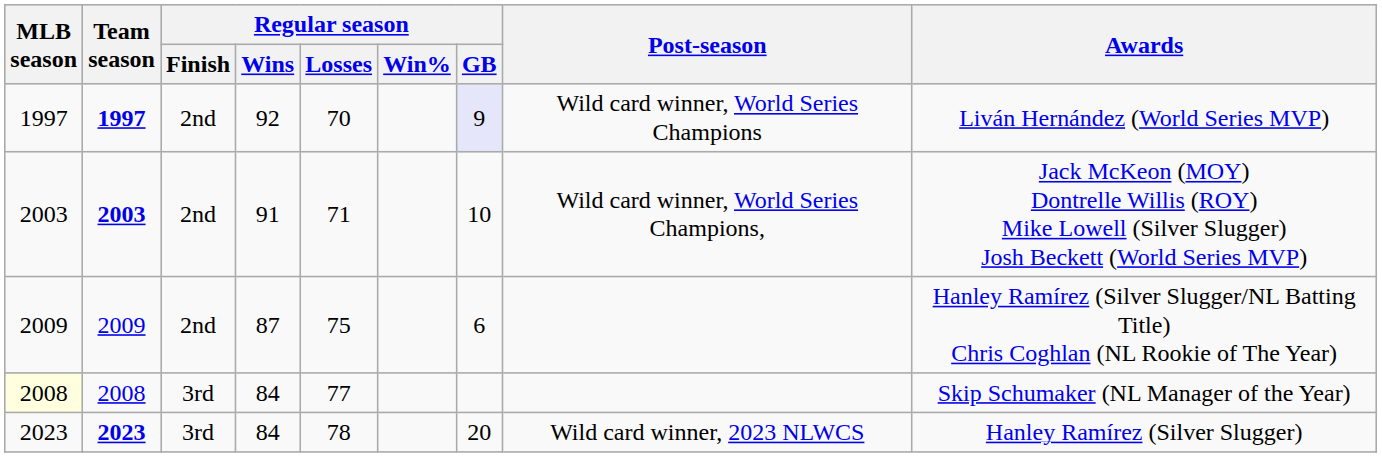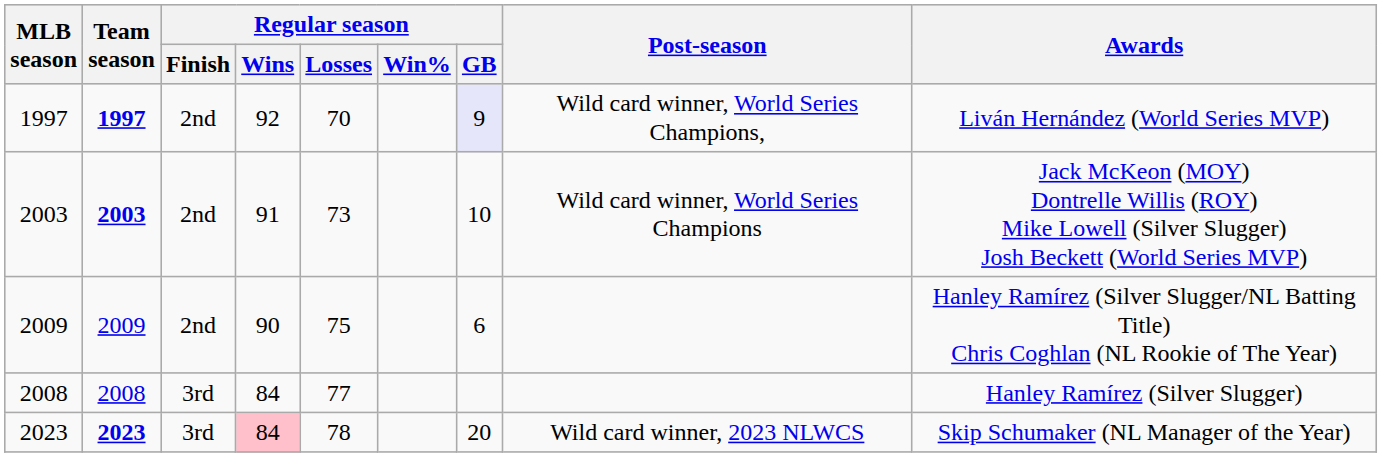 <table class="wikitable" style="text-align:center; font-size:95%">
 <tr>
 <th rowspan=2>MLB<br>season</th>
 <th rowspan=2>Team<br>season</th>
 <th colspan=5><a href='#'>Regular season</a></th>
 <th rowspan=2><a href='#'>Post-season</a></th>
 <th rowspan=2><a href='#'>Awards</a></th>
 </tr>
 <tr>
 <th>Finish</th>
 <th><a href='#'>Wins</a></th>
 <th><a href='#'>Losses</a></th>
 <th><a href='#'>Win%</a></th>
 <th><a href='#'>GB</a></th>
 </tr>
 <tr>
 <td>1997</td>
 <td><strong><a href='#'>1997</a></strong></td>
 <td>2nd</td>
 <td>92</td>
 <td>70</td>
 <td></td>
 <td style="background: lavender;">9</td>
-<td>Wild card winner, <a href='#'>World Series</a> Champions</td>
+<td>Wild card winner, <a href='#'>World Series</a> Champions,</td>
 <td><a href='#'>Liván Hernández</a> (<a href='#'>World Series MVP</a>)</td>
 </tr>
 <tr>
 <td>2003</td>
 <td><strong><a href='#'>2003</a></strong></td>
 <td>2nd</td>
 <td>91</td>
-<td>71</td>
+<td>73</td>
 <td></td>
 <td>10</td>
-<td>Wild card winner, <a href='#'>World Series</a> Champions,</td>
+<td>Wild card winner, <a href='#'>World Series</a> Champions</td>
 <td><a href='#'>Jack McKeon</a> (<a href='#'>MOY</a>)<br><a href='#'>Dontrelle Willis</a> (<a href='#'>ROY</a>)<br><a href='#'>Mike Lowell</a> (Silver Slugger)<br><a href='#'>Josh Beckett</a> (<a href='#'>World Series MVP</a>)</td>
 </tr>
 <tr>
 <td>2009</td>
 <td><a href='#'>2009</a></td>
 <td>2nd</td>
-<td>87</td>
+<td>90</td>
 <td>75</td>
 <td></td>
 <td>6</td>
 <td></td>
 <td><a href='#'>Hanley Ramírez</a> (Silver Slugger/NL Batting Title)<br><a href='#'>Chris Coghlan</a> (NL Rookie of The Year)</td>
 </tr>
 <tr>
-<td style="background: lightyellow;">2008</td>
+<td>2008</td>
 <td><a href='#'>2008</a></td>
 <td>3rd</td>
 <td>84</td>
 <td>77</td>
 <td></td>
 <td></td>
 <td></td>
-<td><a href='#'>Skip Schumaker</a> (NL Manager of the Year)</td>
+<td><a href='#'>Hanley Ramírez</a> (Silver Slugger)</td>
 </tr>
 <tr>
 <td>2023</td>
 <td><strong><a href='#'>2023</a></strong></td>
 <td>3rd</td>
-<td>84</td>
+<td style="background: pink;">84</td>
 <td>78</td>
 <td></td>
 <td>20</td>
 <td>Wild card winner, <a href='#'>2023 NLWCS</a></td>
-<td><a href='#'>Hanley Ramírez</a> (Silver Slugger)</td>
+<td><a href='#'>Skip Schumaker</a> (NL Manager of the Year)</td>
 </tr>
 </table>
